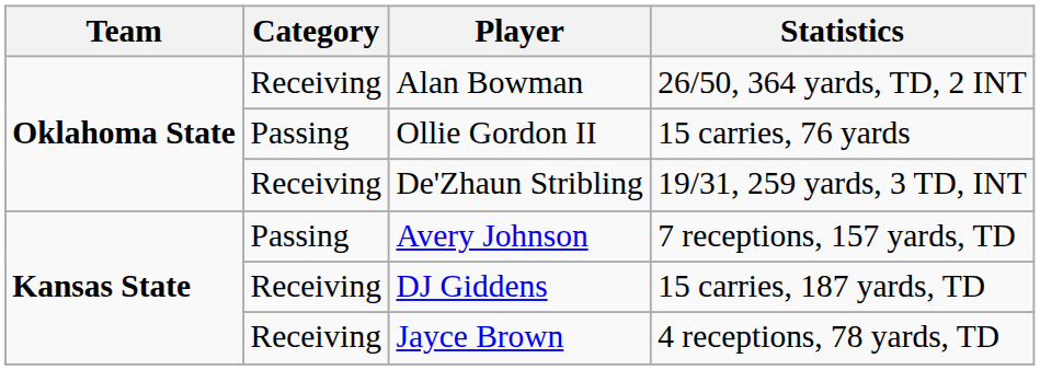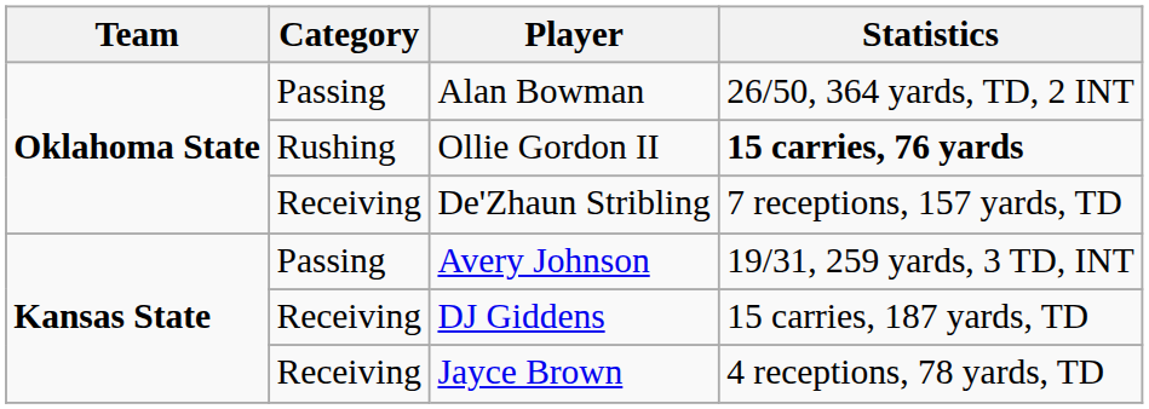 <table class="wikitable" style="float: right;">
 <tr>
 <th>Team</th>
 <th>Category</th>
 <th>Player</th>
 <th>Statistics</th>
 </tr>
 <tr>
 <td rowspan=3><strong>Oklahoma State</strong></td>
-<td>Receiving</td>
+<td>Passing</td>
 <td>Alan Bowman</td>
 <td>26/50, 364 yards, TD, 2 INT</td>
 </tr>
 <tr>
-<td>Passing</td>
+<td>Rushing</td>
 <td>Ollie Gordon II</td>
-<td>15 carries, 76 yards</td>
+<td><strong>15 carries, 76 yards</strong></td>
 </tr>
 <tr>
 <td>Receiving</td>
 <td>De'Zhaun Stribling</td>
-<td>19/31, 259 yards, 3 TD, INT</td>
+<td>7 receptions, 157 yards, TD</td>
 </tr>
 <tr>
 <td rowspan=3><strong>Kansas State</strong></td>
 <td>Passing</td>
 <td><a href='#'>Avery Johnson</a></td>
-<td>7 receptions, 157 yards, TD</td>
+<td>19/31, 259 yards, 3 TD, INT</td>
 </tr>
 <tr>
 <td>Receiving</td>
 <td><a href='#'>DJ Giddens</a></td>
 <td>15 carries, 187 yards, TD</td>
 </tr>
 <tr>
 <td>Receiving</td>
 <td><a href='#'>Jayce Brown</a></td>
 <td>4 receptions, 78 yards, TD</td>
 </tr>
 </table>
